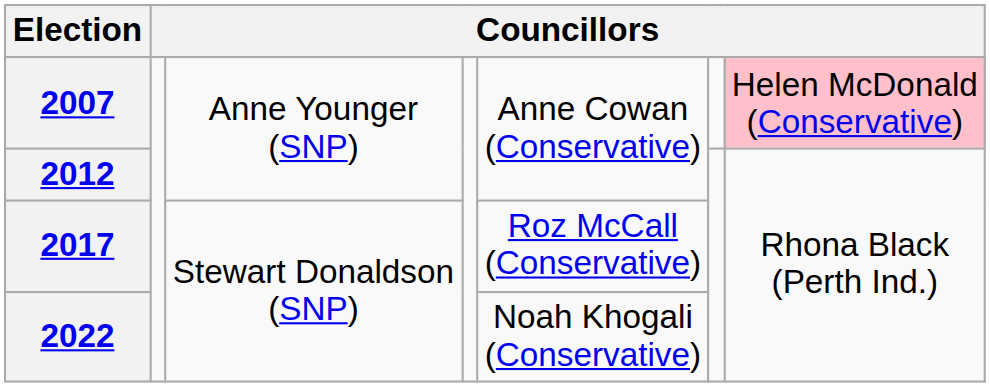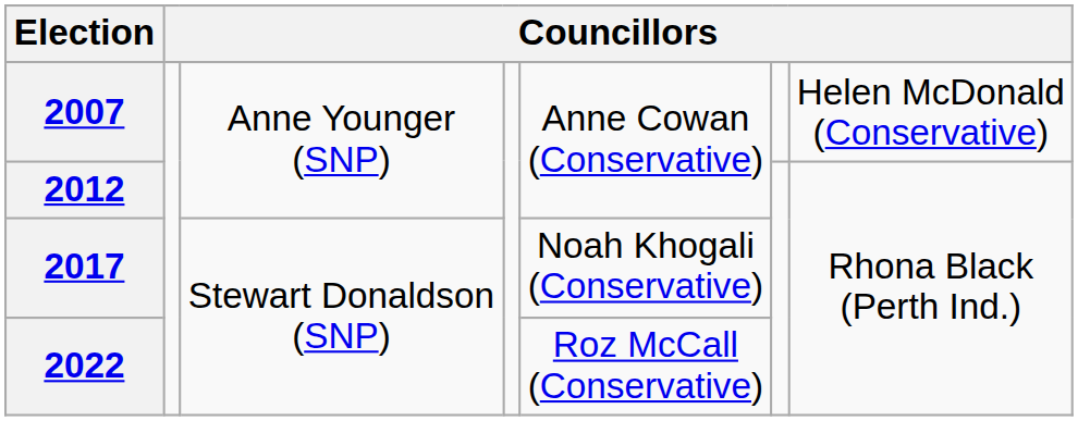 <table class="wikitable" style="text-align:center">
 <tr>
 <th>Election</th>
 <th colspan=8>Councillors</th>
 </tr>
 <tr>
 <th><a href='#'>2007</a></th>
 <td rowspan=4; style="background-color: "></td>
 <td rowspan=2>Anne Younger<br>(<a href='#'>SNP</a>)</td>
 <td rowspan=4; style="background-color: "></td>
 <td rowspan=2>Anne Cowan<br>(<a href='#'>Conservative</a>)</td>
 <td rowspan=1; style="background-color: "></td>
-<td rowspan=1 style="background: pink;">Helen McDonald<br>(<a href='#'>Conservative</a>)</td>
+<td rowspan=1>Helen McDonald<br>(<a href='#'>Conservative</a>)</td>
 </tr>
 <tr>
 <th><a href='#'>2012</a></th>
 <td rowspan=3; style="background-color: "></td>
 <td rowspan=3>Rhona Black<br>(Perth Ind.)</td>
 </tr>
 <tr>
 <th><a href='#'>2017</a></th>
 <td rowspan=2>Stewart Donaldson<br>(<a href='#'>SNP</a>)</td>
-<td rowspan=1><a href='#'>Roz McCall</a><br>(<a href='#'>Conservative</a>)</td>
+<td rowspan=1>Noah Khogali<br>(<a href='#'>Conservative</a>)</td>
 </tr>
 <tr>
 <th><a href='#'>2022</a></th>
-<td rowspan=1>Noah Khogali<br>(<a href='#'>Conservative</a>)</td>
+<td rowspan=1><a href='#'>Roz McCall</a><br>(<a href='#'>Conservative</a>)</td>
 </tr>
 </table>
